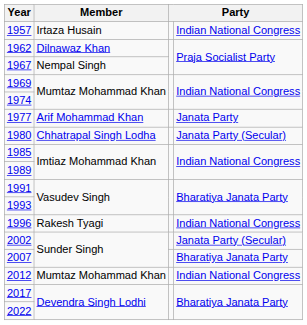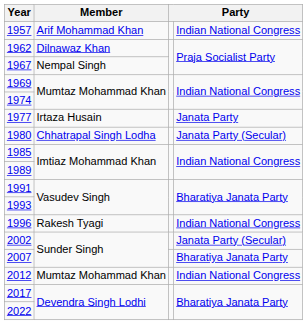 <table class="wikitable">
 <tr>
 <th>Year</th>
 <th>Member</th>
 <th colspan="2">Party</th>
 </tr>
 <tr>
 <td><a href='#'>1957</a></td>
-<td>Irtaza Husain</td>
+<td><a href='#'>Arif Mohammad Khan</a></td>
 <td style="background-color: "></td>
 <td><a href='#'>Indian National Congress</a></td>
 </tr>
 <tr>
 <td><a href='#'>1962</a></td>
 <td><a href='#'>Dilnawaz Khan</a></td>
 <td rowspan="2" style="background-color: "></td>
 <td rowspan="2"><a href='#'>Praja Socialist Party</a></td>
 </tr>
 <tr>
 <td><a href='#'>1967</a></td>
 <td>Nempal Singh</td>
 </tr>
 <tr>
 <td><a href='#'>1969</a></td>
 <td rowspan="2">Mumtaz Mohammad Khan</td>
 <td rowspan="2" style="background-color: "></td>
 <td rowspan="2"><a href='#'>Indian National Congress</a></td>
 </tr>
 <tr>
 <td><a href='#'>1974</a></td>
 </tr>
 <tr>
 <td><a href='#'>1977</a></td>
-<td><a href='#'>Arif Mohammad Khan</a></td>
+<td>Irtaza Husain</td>
 <td style="background-color: "></td>
 <td><a href='#'>Janata Party</a></td>
 </tr>
 <tr>
 <td><a href='#'>1980</a></td>
 <td><a href='#'>Chhatrapal Singh Lodha</a></td>
 <td style="background-color: "></td>
 <td><a href='#'>Janata Party (Secular)</a></td>
 </tr>
 <tr>
 <td><a href='#'>1985</a></td>
 <td rowspan="2">Imtiaz Mohammad Khan</td>
 <td rowspan="2" style="background-color: "></td>
 <td rowspan="2"><a href='#'>Indian National Congress</a></td>
 </tr>
 <tr>
 <td><a href='#'>1989</a></td>
 </tr>
 <tr>
 <td><a href='#'>1991</a></td>
 <td rowspan="2">Vasudev Singh</td>
 <td rowspan="2" style="background-color: "></td>
 <td rowspan="2"><a href='#'>Bharatiya Janata Party</a></td>
 </tr>
 <tr>
 <td><a href='#'>1993</a></td>
 </tr>
 <tr>
 <td><a href='#'>1996</a></td>
 <td>Rakesh Tyagi</td>
 <td style="background-color: "></td>
 <td><a href='#'>Indian National Congress</a></td>
 </tr>
 <tr>
 <td><a href='#'>2002</a></td>
 <td rowspan="2">Sunder Singh</td>
 <td style="background-color: "></td>
 <td><a href='#'>Janata Party (Secular)</a></td>
 </tr>
 <tr>
 <td><a href='#'>2007</a></td>
 <td style="background-color: "></td>
 <td><a href='#'>Bharatiya Janata Party</a></td>
 </tr>
 <tr>
 <td><a href='#'>2012</a></td>
 <td>Mumtaz Mohammad Khan</td>
 <td style="background-color: "></td>
 <td><a href='#'>Indian National Congress</a></td>
 </tr>
 <tr>
 <td><a href='#'>2017</a></td>
 <td rowspan="2"><a href='#'>Devendra Singh Lodhi</a></td>
 <td rowspan="2" style="background-color: "></td>
 <td rowspan="2"><a href='#'>Bharatiya Janata Party</a></td>
 </tr>
 <tr>
 <td><a href='#'>2022</a></td>
 </tr>
 </table>
